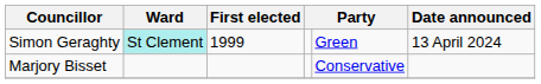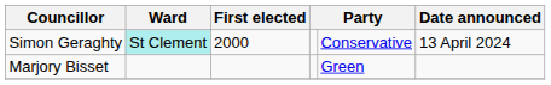 <table class="wikitable sortable">
 <tr>
 <th scope="col">Councillor</th>
 <th scope="col">Ward</th>
 <th scope="col">First elected</th>
 <th colspan="2" scope="col">Party</th>
 <th scope="col">Date announced</th>
 </tr>
 <tr>
 <td>Simon Geraghty</td>
 <td style="background: paleturquoise;">St Clement</td>
-<td>1999</td>
+<td>2000</td>
 <td style="background:"></td>
-<td><a href='#'>Green</a></td>
+<td><a href='#'>Conservative</a></td>
 <td>13 April 2024</td>
 </tr>
 <tr>
 <td>Marjory Bisset</td>
 <td></td>
 <td></td>
 <td style="background:"></td>
-<td><a href='#'>Conservative</a></td>
+<td><a href='#'>Green</a></td>
 <td></td>
 </tr>
 <tr>
 </tr>
 </table>
